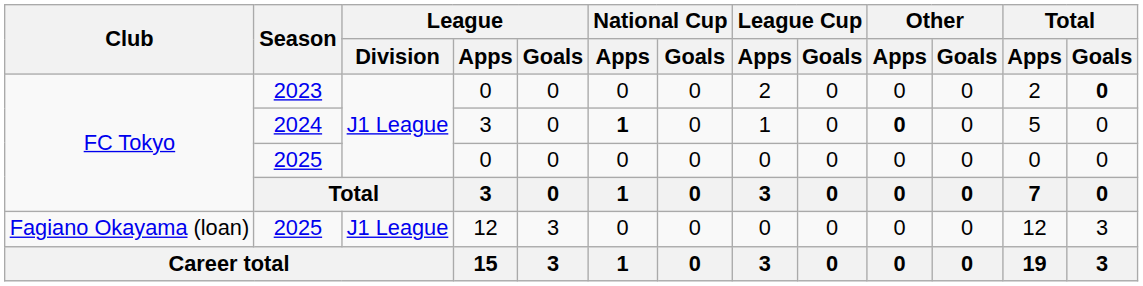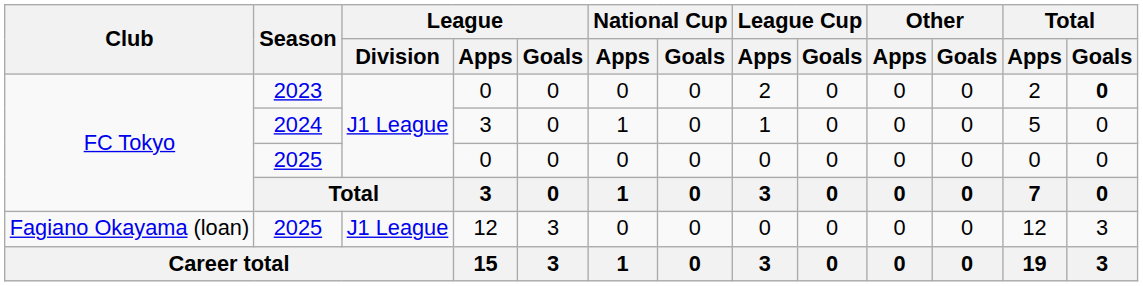 <table class=wikitable style=text-align:center>
 <tr>
 <th rowspan="2">Club</th>
 <th rowspan="2">Season</th>
 <th colspan="3">League</th>
 <th colspan="2">National Cup</th>
 <th colspan="2">League Cup</th>
 <th colspan="2">Other</th>
 <th colspan="2">Total</th>
 </tr>
 <tr>
 <th>Division</th>
 <th>Apps</th>
 <th>Goals</th>
 <th>Apps</th>
 <th>Goals</th>
 <th>Apps</th>
 <th>Goals</th>
 <th>Apps</th>
 <th>Goals</th>
 <th>Apps</th>
 <th>Goals</th>
 </tr>
 <tr>
 <td rowspan="4"><a href='#'>FC Tokyo</a></td>
 <td><a href='#'>2023</a></td>
 <td rowspan="3"><a href='#'>J1 League</a></td>
 <td>0</td>
 <td>0</td>
 <td>0</td>
 <td>0</td>
 <td>2</td>
 <td>0</td>
 <td>0</td>
 <td>0</td>
 <td>2</td>
 <td><strong>0</strong></td>
 </tr>
 <tr>
 <td><a href='#'>2024</a></td>
 <td>3</td>
 <td>0</td>
-<td><strong>1</strong></td>
+<td>1</td>
 <td>0</td>
 <td>1</td>
 <td>0</td>
-<td><strong>0</strong></td>
+<td>0</td>
 <td>0</td>
 <td>5</td>
 <td>0</td>
 </tr>
 <tr>
 <td><a href='#'>2025</a></td>
 <td>0</td>
 <td>0</td>
 <td>0</td>
 <td>0</td>
 <td>0</td>
 <td>0</td>
 <td>0</td>
 <td>0</td>
 <td>0</td>
 <td>0</td>
 </tr>
 <tr>
 <th colspan="2"><strong>Total</strong></th>
 <th>3</th>
 <th>0</th>
 <th>1</th>
 <th>0</th>
 <th>3</th>
 <th>0</th>
 <th>0</th>
 <th>0</th>
 <th>7</th>
 <th>0</th>
 </tr>
 <tr>
 <td><a href='#'>Fagiano Okayama</a> (loan)</td>
 <td><a href='#'>2025</a></td>
 <td><a href='#'>J1 League</a></td>
 <td>12</td>
 <td>3</td>
 <td>0</td>
 <td>0</td>
 <td>0</td>
 <td>0</td>
 <td>0</td>
 <td>0</td>
 <td>12</td>
 <td>3</td>
 </tr>
 <tr>
 <th colspan="3"><strong>Career total</strong></th>
 <th>15</th>
 <th>3</th>
 <th>1</th>
 <th>0</th>
 <th>3</th>
 <th>0</th>
 <th>0</th>
 <th>0</th>
 <th>19</th>
 <th>3</th>
 </tr>
 </table>
